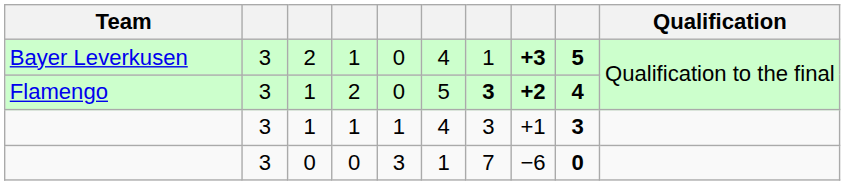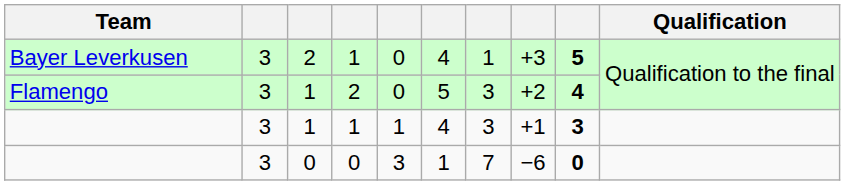 <table class="wikitable" style="text-align:center;">
 <tr>
 <th width=165>Team</th>
 <th width=25></th>
 <th width=25></th>
 <th width=25></th>
 <th width=25></th>
 <th width=25></th>
 <th width=25></th>
 <th width=25></th>
 <th width=25></th>
 <th>Qualification</th>
 </tr>
 <tr bgcolor="#ccffcc">
 <td style="text-align:left;"> <a href='#'>Bayer Leverkusen</a></td>
 <td>3</td>
 <td>2</td>
 <td>1</td>
 <td>0</td>
 <td>4</td>
 <td>1</td>
-<td><strong>+3</strong></td>
+<td>+3</td>
 <td><strong>5</strong></td>
 <td rowspan="2">Qualification to the final</td>
 </tr>
 <tr bgcolor="#ccffcc">
 <td style="text-align:left;"> <a href='#'>Flamengo</a></td>
 <td>3</td>
 <td>1</td>
 <td>2</td>
 <td>0</td>
 <td>5</td>
-<td><strong>3</strong></td>
-<td><strong>+2</strong></td>
+<td>3</td>
+<td>+2</td>
 <td><strong>4</strong></td>
 </tr>
 <tr>
 <td style="text-align:left;"></td>
 <td>3</td>
 <td>1</td>
 <td>1</td>
 <td>1</td>
 <td>4</td>
 <td>3</td>
 <td>+1</td>
 <td><strong>3</strong></td>
 <td></td>
 </tr>
 <tr>
 <td style="text-align:left;"></td>
 <td>3</td>
 <td>0</td>
 <td>0</td>
 <td>3</td>
 <td>1</td>
 <td>7</td>
 <td>−6</td>
 <td><strong>0</strong></td>
 <td></td>
 </tr>
 </table>
